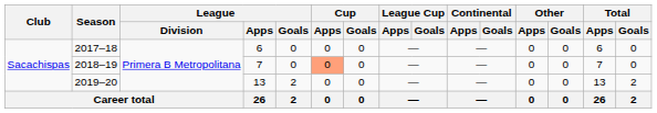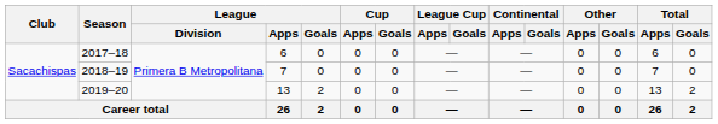 <table class="wikitable" style="text-align:center">
 <tr>
 <th rowspan="2">Club</th>
 <th rowspan="2">Season</th>
 <th colspan="3">League</th>
 <th colspan="2">Cup</th>
 <th colspan="2">League Cup</th>
 <th colspan="2">Continental</th>
 <th colspan="2">Other</th>
 <th colspan="2">Total</th>
 </tr>
 <tr>
 <th>Division</th>
 <th>Apps</th>
 <th>Goals</th>
 <th>Apps</th>
 <th>Goals</th>
 <th>Apps</th>
 <th>Goals</th>
 <th>Apps</th>
 <th>Goals</th>
 <th>Apps</th>
 <th>Goals</th>
 <th>Apps</th>
 <th>Goals</th>
 </tr>
 <tr>
 <td rowspan="3"><a href='#'>Sacachispas</a></td>
 <td>2017–18</td>
 <td rowspan="3"><a href='#'>Primera B Metropolitana</a></td>
 <td>6</td>
 <td>0</td>
 <td>0</td>
 <td>0</td>
 <td colspan="2">—</td>
 <td colspan="2">—</td>
 <td>0</td>
 <td>0</td>
 <td>6</td>
 <td>0</td>
 </tr>
 <tr>
 <td>2018–19</td>
 <td>7</td>
 <td>0</td>
-<td style="background: lightsalmon;">0</td>
+<td>0</td>
 <td>0</td>
 <td colspan="2">—</td>
 <td colspan="2">—</td>
 <td>0</td>
 <td>0</td>
 <td>7</td>
 <td>0</td>
 </tr>
 <tr>
 <td>2019–20</td>
 <td>13</td>
 <td>2</td>
 <td>0</td>
 <td>0</td>
 <td colspan="2">—</td>
 <td colspan="2">—</td>
 <td>0</td>
 <td>0</td>
 <td>13</td>
 <td>2</td>
 </tr>
 <tr>
 <th colspan="3">Career total</th>
 <th>26</th>
 <th>2</th>
 <th>0</th>
 <th>0</th>
 <th colspan="2">—</th>
 <th colspan="2">—</th>
 <th>0</th>
 <th>0</th>
 <th>26</th>
 <th>2</th>
 </tr>
 </table>
